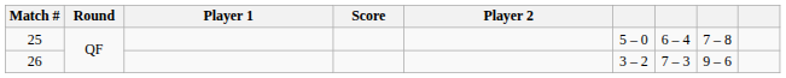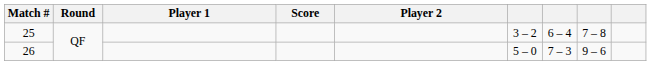 <table class="wikitable">
 <tr>
 <th width="2%">Match #</th>
 <th width="2%">Round</th>
 <th width="15%">Player 1</th>
 <th width="5%">Score</th>
 <th width="15%">Player 2</th>
 <th width="3%"></th>
 <th width="3%"></th>
 <th width="3%"></th>
 <th width="3%"></th>
 </tr>
 <tr style=text-align:center;"background:#;">
 <td>25</td>
 <td rowspan=2>QF</td>
 <td><strong></strong></td>
 <td></td>
 <td></td>
-<td>5 – 0</td>
+<td>3 – 2</td>
 <td>6 – 4</td>
 <td>7 – 8</td>
 <td></td>
 </tr>
 <tr style=text-align:center;"background:#;">
 <td>26</td>
 <td></td>
 <td></td>
 <td><strong></strong></td>
-<td>3 – 2</td>
+<td>5 – 0</td>
 <td>7 – 3</td>
 <td>9 – 6</td>
 <td></td>
 </tr>
 </table>
